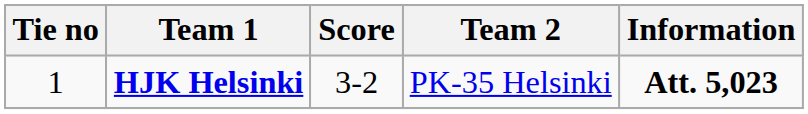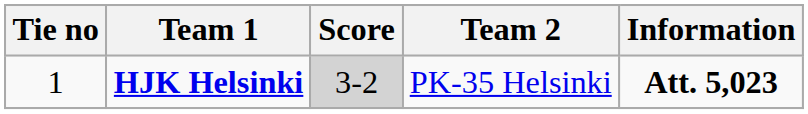 <table class="wikitable" style="text-align:center">
 <tr>
 <th style= width="40px">Tie no</th>
 <th style= width="150px">Team 1</th>
 <th style= width="60px">Score</th>
 <th style= width="150px">Team 2</th>
 <th style= width="30px">Information</th>
 </tr>
 <tr>
 <td>1</td>
 <td><strong><a href='#'>HJK Helsinki</a></strong></td>
-<td>3-2</td>
+<td style="background: lightgrey;">3-2</td>
 <td><a href='#'>PK-35 Helsinki</a></td>
 <td><strong>Att. 5,023</strong></td>
 </tr>
 <tr>
 </tr>
 </table>
